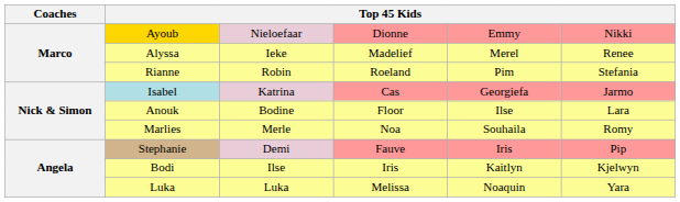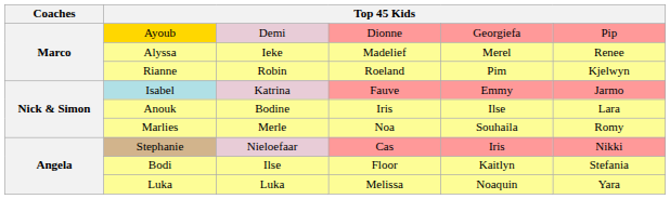 <table class="wikitable" style="text-align:center; width:100%">
 <tr>
 <th width="15%" scope="col">Coaches</th>
 <th width="85%" colspan="5" scope="col">Top 45 Kids</th>
 </tr>
 <tr>
 <th rowspan="3">Marco</th>
 <td style="background:gold; width:17%">Ayoub</td>
-<td style="background:#E8CCD7">Nieloefaar</td>
+<td style="background:#E8CCD7; width:17%">Demi</td>
 <td style="background:#FF9999; width:17%">Dionne</td>
-<td style="background:#FF9999">Emmy</td>
-<td style="background:#FF9999">Nikki</td>
+<td style="background:#FF9999; width:17%">Georgiefa</td>
+<td style="background:#FF9999; width:17%">Pip</td>
 </tr>
 <tr>
 <td style="background:#FDFD96">Alyssa</td>
 <td style="background:#FDFD96">Ieke</td>
 <td style="background:#FDFD96">Madelief</td>
 <td style="background:#FDFD96">Merel</td>
 <td style="background:#FDFD96">Renee</td>
 </tr>
 <tr>
 <td style="background:#FDFD96">Rianne</td>
 <td style="background:#FDFD96">Robin</td>
 <td style="background:#FDFD96">Roeland</td>
 <td style="background:#FDFD96">Pim</td>
-<td style="background:#FDFD96">Stefania</td>
+<td style="background:#FDFD96">Kjelwyn</td>
 </tr>
 <tr>
 <th rowspan="3">Nick & Simon</th>
 <td style="background:#B0E0E6">Isabel</td>
 <td style="background:#E8CCD7">Katrina</td>
-<td style="background:#FF9999">Cas</td>
-<td style="background:#FF9999; width:17%">Georgiefa</td>
+<td style="background:#FF9999">Fauve</td>
+<td style="background:#FF9999">Emmy</td>
 <td style="background:#FF9999">Jarmo</td>
 </tr>
 <tr>
 <td style="background:#FDFD96">Anouk</td>
 <td style="background:#FDFD96">Bodine</td>
-<td style="background:#FDFD96">Floor</td>
+<td style="background:#FDFD96">Iris</td>
 <td style="background:#FDFD96">Ilse</td>
 <td style="background:#FDFD96">Lara</td>
 </tr>
 <tr>
 <td style="background:#FDFD96">Marlies</td>
 <td style="background:#FDFD96">Merle</td>
 <td style="background:#FDFD96">Noa</td>
 <td style="background:#FDFD96">Souhaila</td>
 <td style="background:#FDFD96">Romy</td>
 </tr>
 <tr>
 <th rowspan="3">Angela</th>
 <td style="background:tan">Stephanie</td>
-<td style="background:#E8CCD7; width:17%">Demi</td>
-<td style="background:#FF9999">Fauve</td>
+<td style="background:#E8CCD7">Nieloefaar</td>
+<td style="background:#FF9999">Cas</td>
 <td style="background:#FF9999">Iris</td>
-<td style="background:#FF9999; width:17%">Pip</td>
+<td style="background:#FF9999">Nikki</td>
 </tr>
 <tr>
 <td style="background:#FDFD96">Bodi</td>
 <td style="background:#FDFD96">Ilse</td>
-<td style="background:#FDFD96">Iris</td>
+<td style="background:#FDFD96">Floor</td>
 <td style="background:#FDFD96">Kaitlyn</td>
-<td style="background:#FDFD96">Kjelwyn</td>
+<td style="background:#FDFD96">Stefania</td>
 </tr>
 <tr>
 <td style="background:#FDFD96">Luka</td>
 <td style="background:#FDFD96">Luka</td>
 <td style="background:#FDFD96">Melissa</td>
 <td style="background:#FDFD96">Noaquin</td>
 <td style="background:#FDFD96">Yara</td>
 </tr>
 </table>
